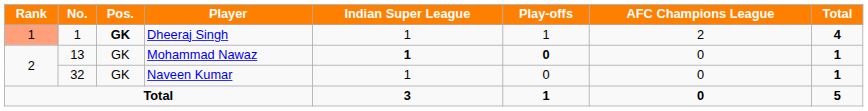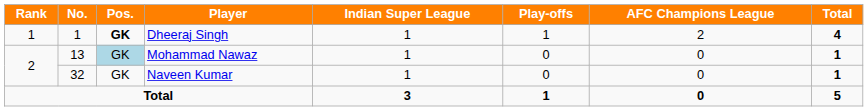 <table class="wikitable sortable" style="text-align:center;width:85%;">
 <tr>
 <th style=background-color:#FF8000;color:white>Rank</th>
 <th style=background-color:#FF8000;color:white>No.</th>
 <th style=background-color:#FF8000;color:white>Pos.</th>
 <th style=background-color:#FF8000;color:white>Player</th>
 <th style=background-color:#FF8000;color:white>Indian Super League</th>
 <th style=background-color:#FF8000;color:white>Play-offs</th>
 <th style=background-color:#FF8000;color:white>AFC Champions League</th>
 <th style=background-color:#FF8000;color:white>Total</th>
 </tr>
 <tr>
-<td rowspan="1" style="background: lightsalmon;">1</td>
+<td rowspan="1">1</td>
 <td>1</td>
 <td><strong>GK</strong></td>
 <td align=left> <a href='#'>Dheeraj Singh</a></td>
 <td>1</td>
 <td>1</td>
 <td>2</td>
 <td><strong>4</strong></td>
 </tr>
 <tr>
 <td rowspan="2">2</td>
 <td>13</td>
-<td>GK</td>
+<td style="background: lightblue;">GK</td>
 <td align=left> <a href='#'>Mohammad Nawaz</a></td>
-<td><strong>1</strong></td>
-<td><strong>0</strong></td>
+<td>1</td>
+<td>0</td>
 <td>0</td>
 <td><strong>1</strong></td>
 </tr>
 <tr>
 <td>32</td>
 <td>GK</td>
 <td align=left> <a href='#'>Naveen Kumar</a></td>
 <td>1</td>
 <td>0</td>
 <td>0</td>
 <td><strong>1</strong></td>
 </tr>
 <tr>
 <td colspan=4><strong>Total</strong></td>
 <td><strong>3</strong></td>
 <td><strong>1</strong></td>
 <td><strong>0</strong></td>
 <td><strong>5</strong></td>
 </tr>
 </table>
